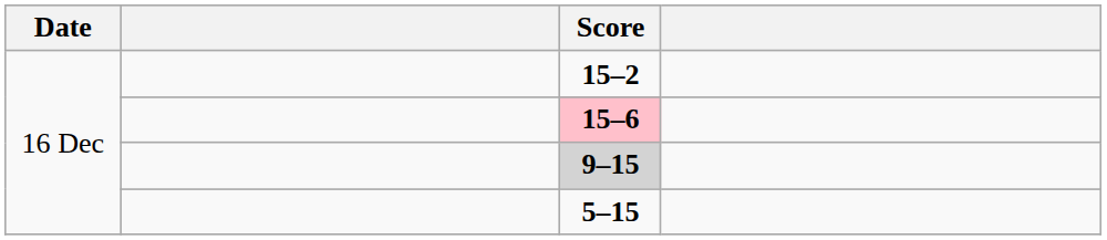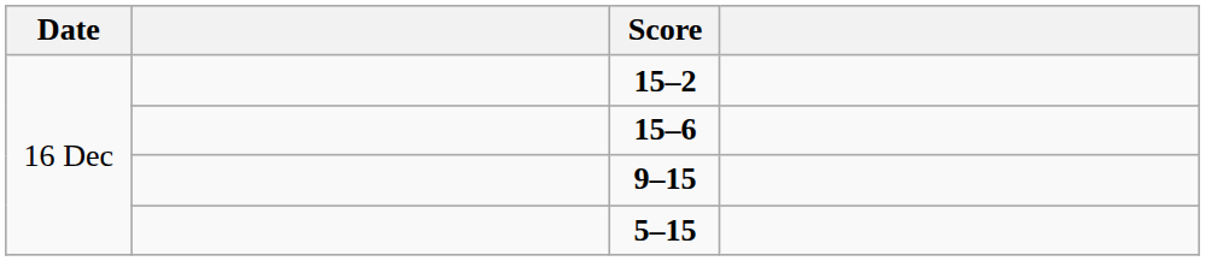 <table class="wikitable" style="text-align: center;">
 <tr>
 <th width="60">Date</th>
 <th align="right" width="270"></th>
 <th width="50">Score</th>
 <th align="left" width="270"></th>
 </tr>
 <tr>
 <td rowspan=4>16 Dec</td>
 <td align=left><strong></strong></td>
 <td align=center><strong>15–2</strong></td>
 <td align=left></td>
 </tr>
 <tr>
 <td align=left><strong></strong></td>
-<td align=center style="background: pink;"><strong>15–6</strong></td>
+<td align=center><strong>15–6</strong></td>
 <td align=left></td>
 </tr>
 <tr>
 <td align=left></td>
-<td align=center style="background: lightgrey;"><strong>9–15</strong></td>
+<td align=center><strong>9–15</strong></td>
 <td align=left><strong></strong></td>
 </tr>
 <tr>
 <td align=left></td>
 <td align=center><strong>5–15</strong></td>
 <td align=left><strong></strong></td>
 </tr>
 </table>
